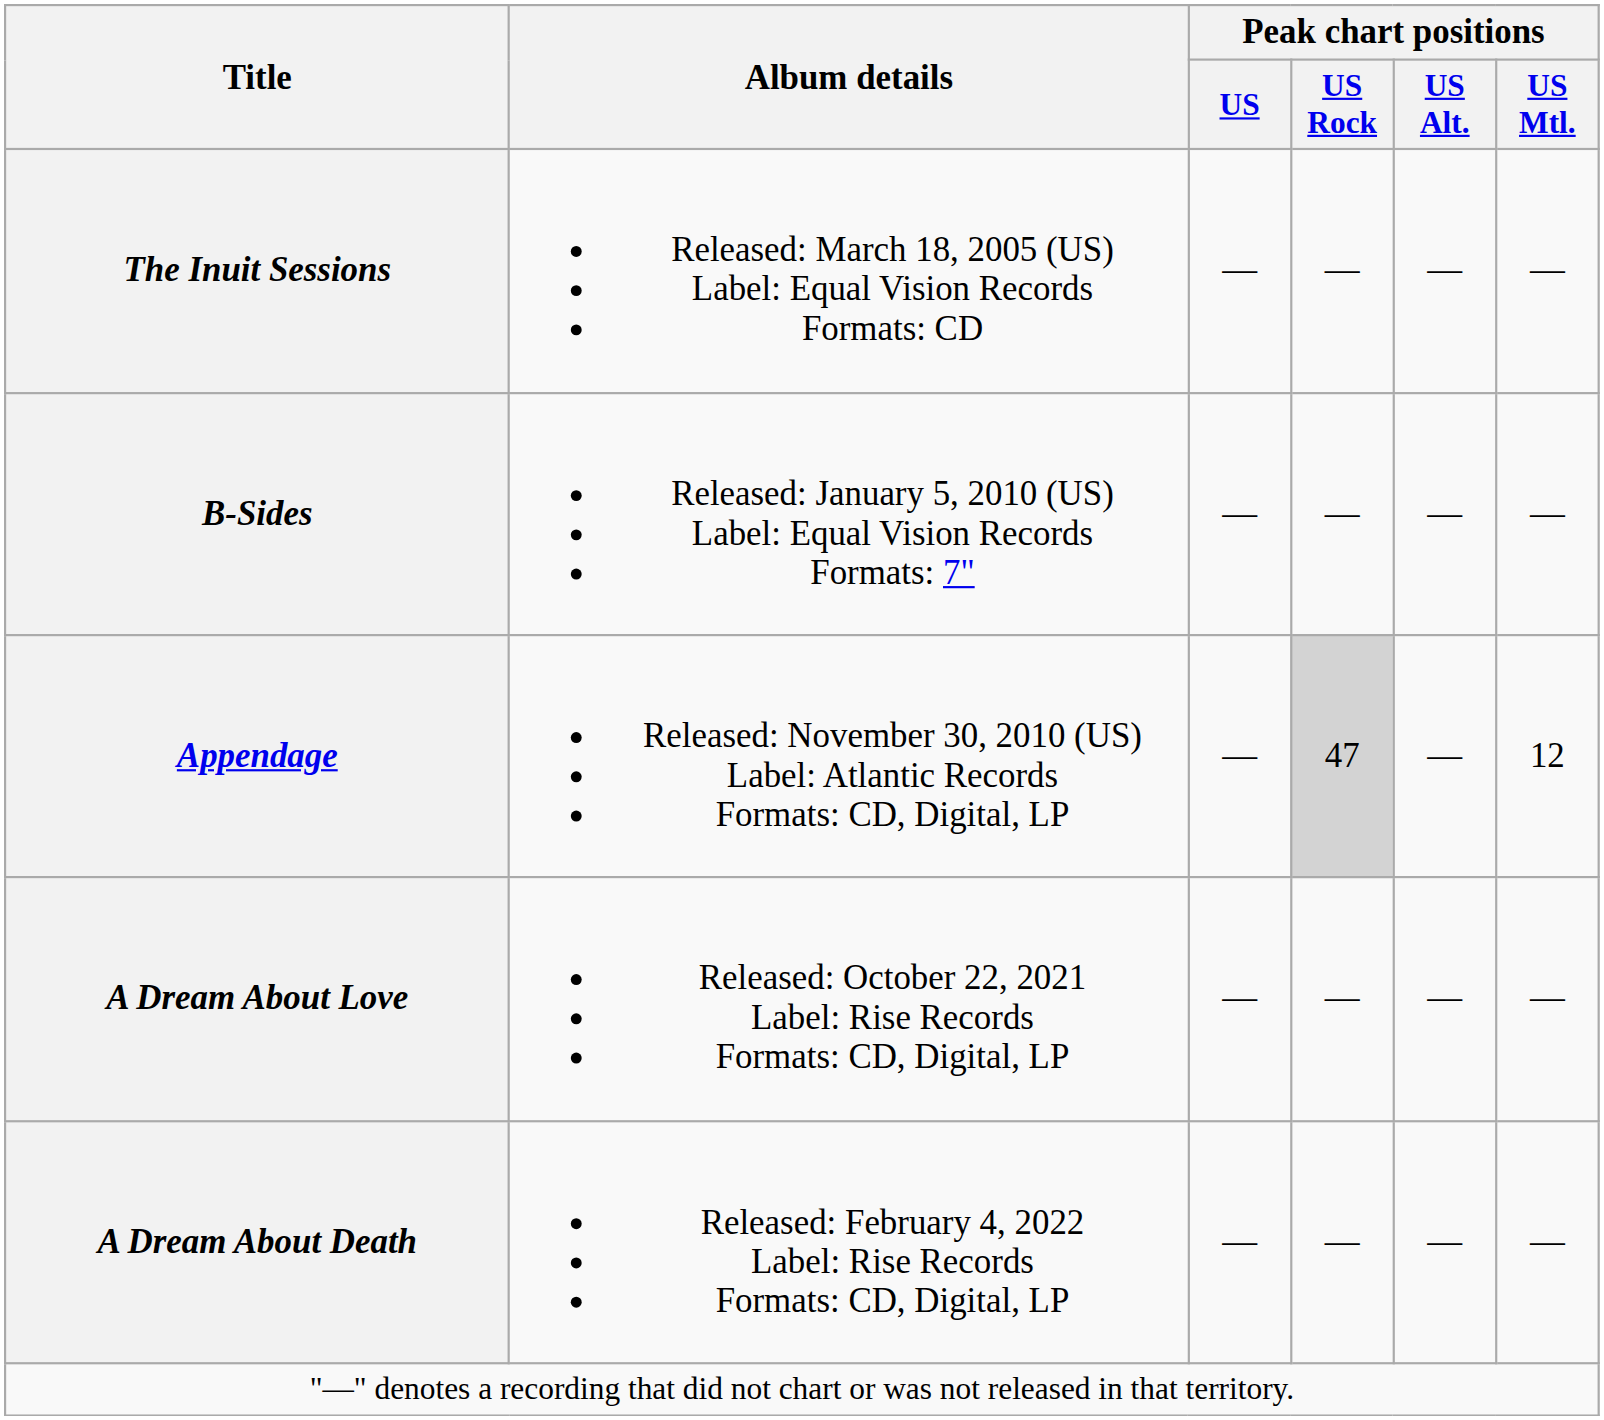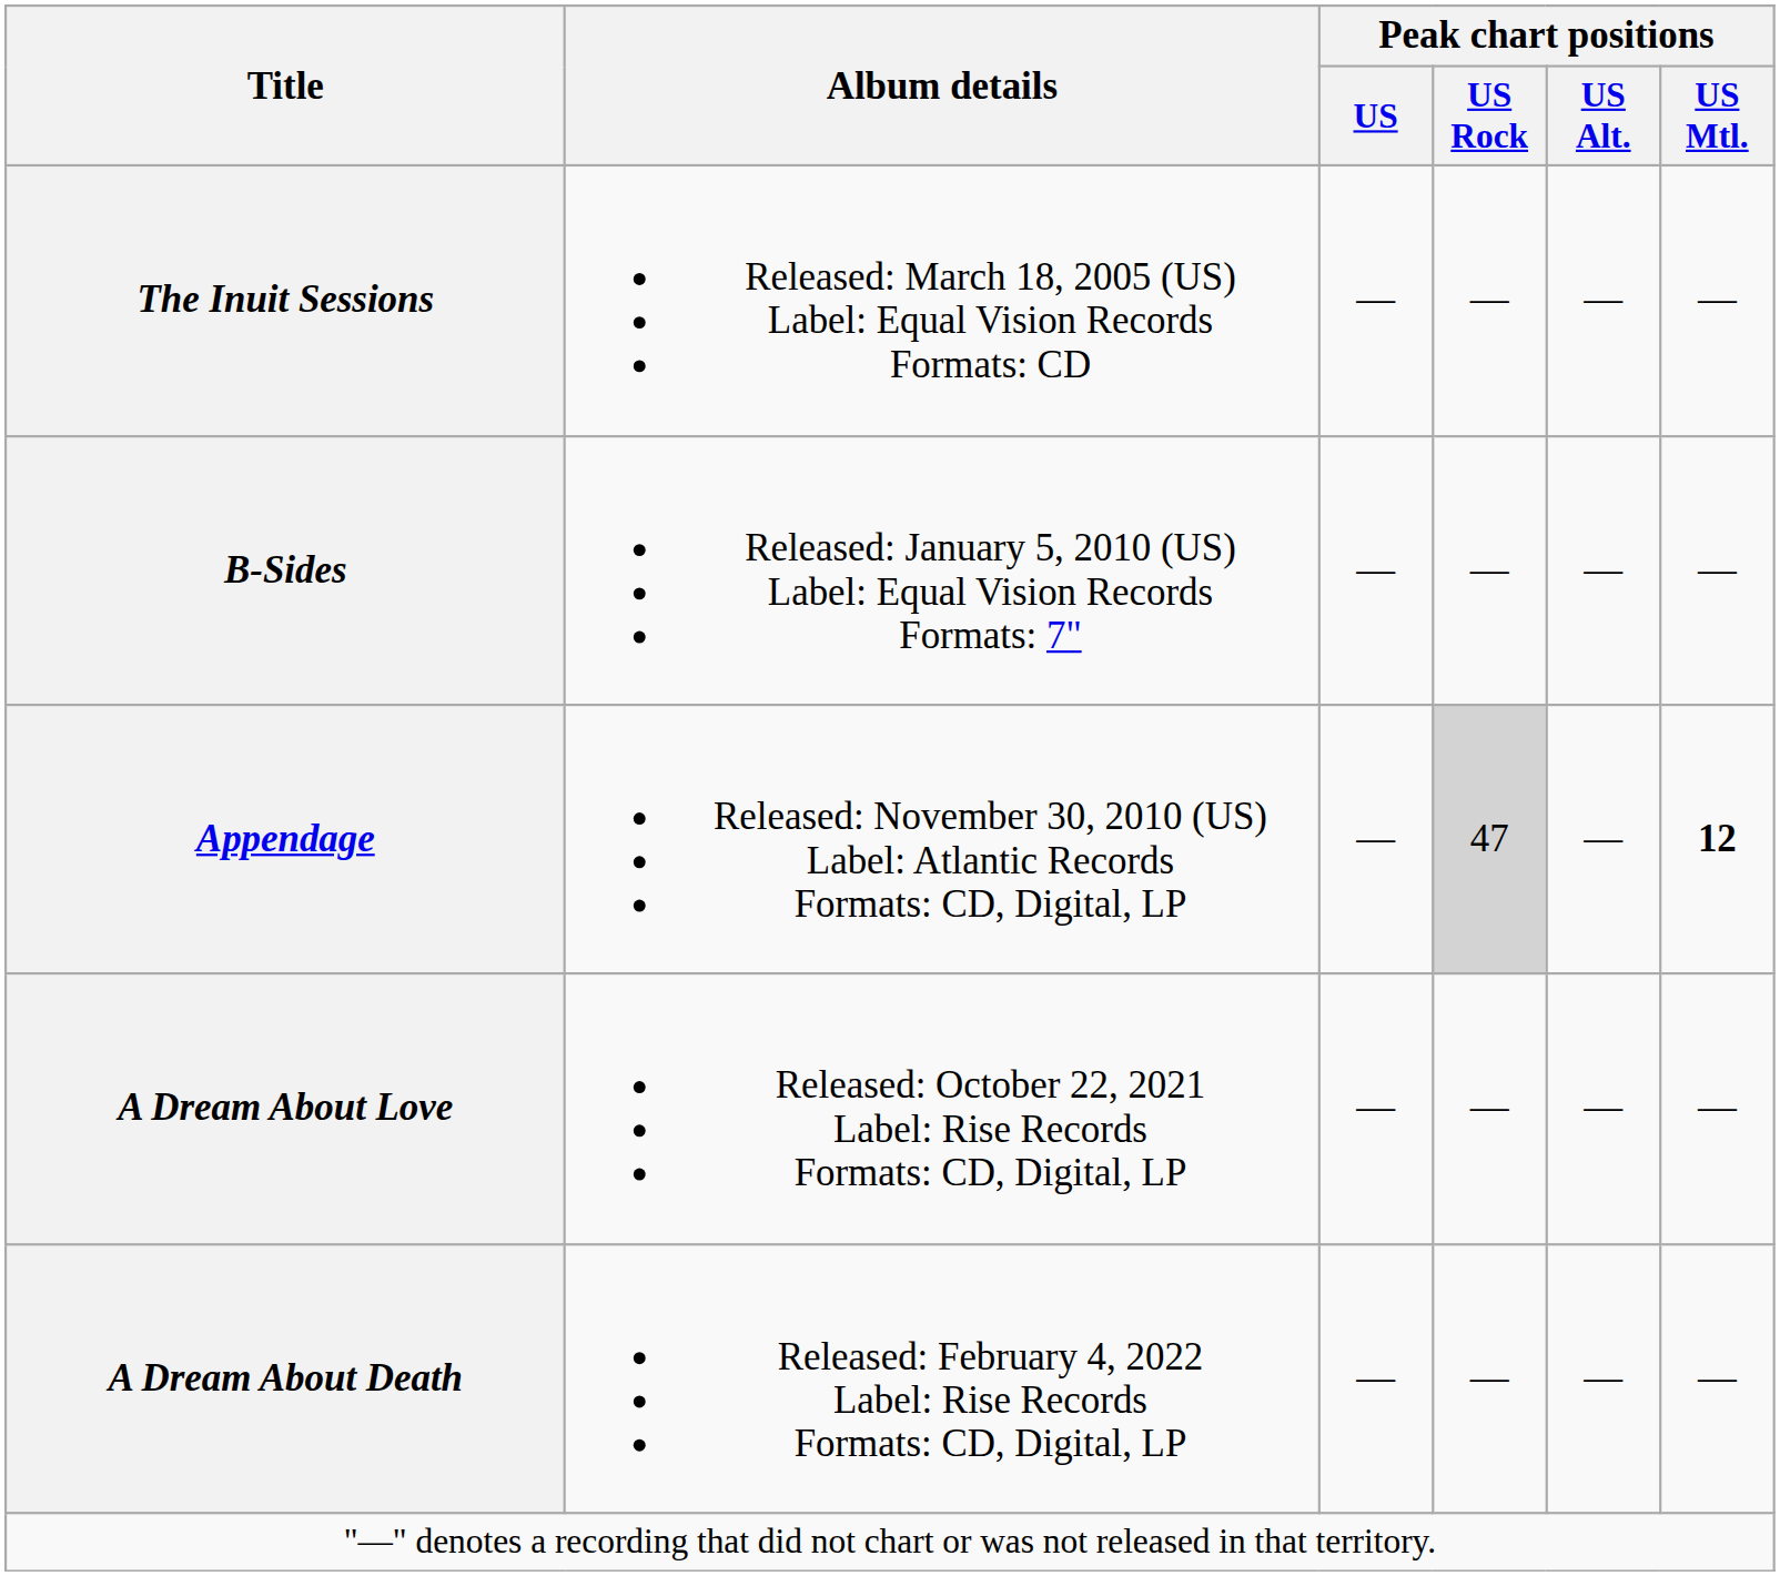 <table class="wikitable plainrowheaders" style="text-align:center;">
 <tr>
 <th scope="col" rowspan="2" style="width:14em;">Title</th>
 <th scope="col" rowspan="2" style="width:19em;">Album details</th>
 <th scope="col" colspan="4">Peak chart positions</th>
 </tr>
 <tr>
 <th scope="col" style="width:2.8em; font-size:90%;"><a href='#'>US</a><br></th>
 <th scope="col" style="width:2.8em; font-size:90%;"><a href='#'>US<br>Rock</a><br></th>
 <th scope="col" style="width:2.8em; font-size:90%;"><a href='#'>US<br>Alt.</a><br></th>
 <th scope="col" style="width:2.8em; font-size:90%;"><a href='#'>US<br>Mtl.</a><br></th>
 </tr>
 <tr>
 <th scope="row"><em>The Inuit Sessions</em></th>
 <td><br><ul><li>Released: March 18, 2005 <span>(US)</span></li><li>Label: Equal Vision Records</li><li>Formats: CD</li></ul></td>
 <td>—</td>
 <td>—</td>
 <td>—</td>
 <td>—</td>
 </tr>
 <tr>
 <th scope="row"><em>B-Sides</em></th>
 <td><br><ul><li>Released: January 5, 2010 <span>(US)</span></li><li>Label: Equal Vision Records</li><li>Formats: <a href='#'>7"</a></li></ul></td>
 <td>—</td>
 <td>—</td>
 <td>—</td>
 <td>—</td>
 </tr>
 <tr>
 <th scope="row"><em><a href='#'>Appendage</a></em></th>
 <td><br><ul><li>Released: November 30, 2010 <span>(US)</span></li><li>Label: Atlantic Records</li><li>Formats: CD, Digital, LP</li></ul></td>
 <td>—</td>
 <td style="background: lightgrey;">47</td>
 <td>—</td>
-<td>12</td>
+<td><strong>12</strong></td>
 </tr>
 <tr>
 <th scope="row"><em>A Dream About Love</em></th>
 <td><br><ul><li>Released: October 22, 2021</li><li>Label: Rise Records</li><li>Formats: CD, Digital, LP</li></ul></td>
 <td>—</td>
 <td>—</td>
 <td>—</td>
 <td>—</td>
 </tr>
 <tr>
 <th scope="row"><em>A Dream About Death</em></th>
 <td><br><ul><li>Released: February 4, 2022</li><li>Label: Rise Records</li><li>Formats: CD, Digital, LP</li></ul></td>
 <td>—</td>
 <td>—</td>
 <td>—</td>
 <td>—</td>
 </tr>
 <tr>
 <td colspan="8" style="font-size:90%">"—" denotes a recording that did not chart or was not released in that territory.</td>
 </tr>
 </table>
